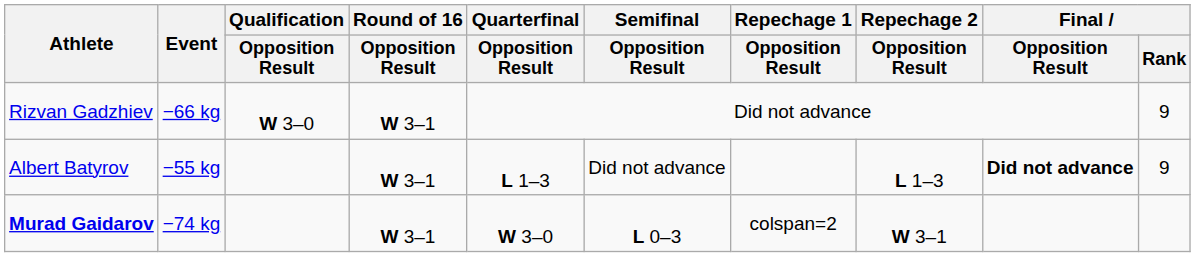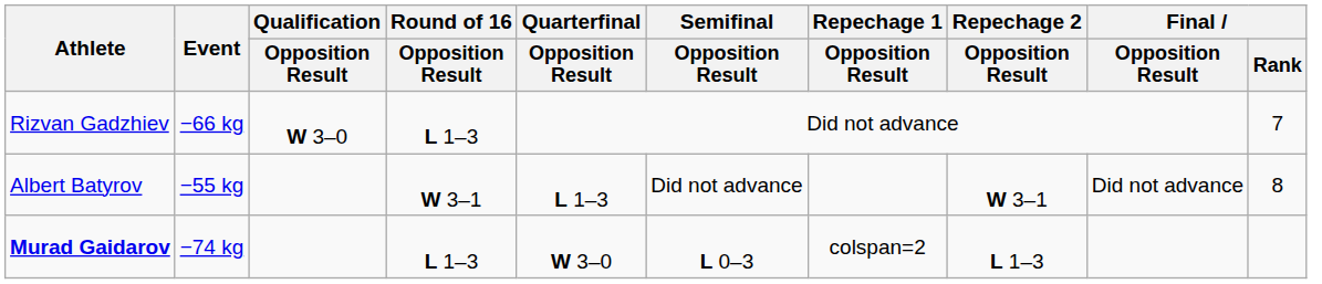 <table class="wikitable" style="font-size:90%">
 <tr>
 <th rowspan="2">Athlete</th>
 <th rowspan="2">Event</th>
 <th>Qualification</th>
 <th>Round of 16</th>
 <th>Quarterfinal</th>
 <th>Semifinal</th>
 <th>Repechage 1</th>
 <th>Repechage 2</th>
 <th colspan=2>Final / </th>
 </tr>
 <tr style="font-size: 95%">
 <th>Opposition<br>Result</th>
 <th>Opposition<br>Result</th>
 <th>Opposition<br>Result</th>
 <th>Opposition<br>Result</th>
 <th>Opposition<br>Result</th>
 <th>Opposition<br>Result</th>
 <th>Opposition<br>Result</th>
 <th>Rank</th>
 </tr>
 <tr align=center>
 <td align=left><a href='#'>Rizvan Gadzhiev</a></td>
 <td align=left><a href='#'>−66 kg</a></td>
 <td><br><strong>W</strong> 3–0 <sup></sup></td>
-<td><br><strong>W</strong> 3–1 <sup></sup></td>
+<td><br><strong>L</strong> 1–3 <sup></sup></td>
 <td colspan=5>Did not advance</td>
-<td>9</td>
+<td>7</td>
 </tr>
 <tr align=center>
 <td align=left><a href='#'>Albert Batyrov</a></td>
 <td align=left><a href='#'>−55 kg</a></td>
 <td></td>
 <td><br><strong>W</strong> 3–1 <sup></sup></td>
 <td><br><strong>L</strong> 1–3 <sup></sup></td>
 <td>Did not advance</td>
 <td></td>
-<td><br><strong>L</strong> 1–3 <sup></sup></td>
-<td><strong>Did not advance</strong></td>
-<td>9</td>
+<td><br><strong>W</strong> 3–1 <sup></sup></td>
+<td>Did not advance</td>
+<td>8</td>
 </tr>
 <tr align=center>
 <td align=left><strong><a href='#'>Murad Gaidarov</a></strong></td>
 <td align=left><a href='#'>−74 kg</a></td>
 <td></td>
-<td><br><strong>W</strong> 3–1 <sup></sup></td>
+<td><br><strong>L</strong> 1–3 <sup></sup></td>
 <td><br><strong>W</strong> 3–0 <sup></sup></td>
 <td><br><strong>L</strong> 0–3 <sup></sup></td>
 <td>colspan=2 </td>
-<td><br><strong>W</strong> 3–1 <sup></sup></td>
+<td><br><strong>L</strong> 1–3 <sup></sup></td>
 <td></td>
 </tr>
 </table>
